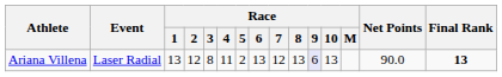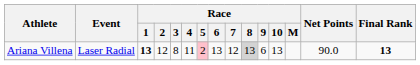 <table class="wikitable" border="1" style="font-size:90%">
 <tr>
 <th rowspan=2>Athlete</th>
 <th rowspan=2>Event</th>
 <th colspan=11>Race</th>
 <th rowspan=2>Net Points</th>
 <th rowspan=2>Final Rank</th>
 </tr>
 <tr>
 <th>1</th>
 <th>2</th>
 <th>3</th>
 <th>4</th>
 <th>5</th>
 <th>6</th>
 <th>7</th>
 <th>8</th>
 <th>9</th>
 <th>10</th>
 <th>M</th>
 </tr>
 <tr align=center>
 <td align=left><a href='#'>Ariana Villena</a></td>
 <td align=left><a href='#'>Laser Radial</a></td>
-<td>13</td>
+<td><strong>13</strong></td>
 <td>12</td>
 <td>8</td>
 <td>11</td>
-<td>2</td>
+<td style="background: pink;">2</td>
 <td>13</td>
 <td>12</td>
-<td>13</td>
-<td style="background: lavender;">6</td>
+<td style="background: lightgrey;">13</td>
+<td>6</td>
 <td>13</td>
 <td></td>
 <td>90.0</td>
 <td><strong>13</strong></td>
 </tr>
 </table>
